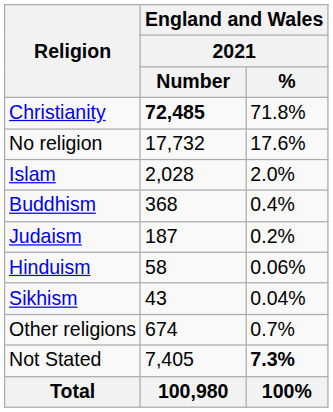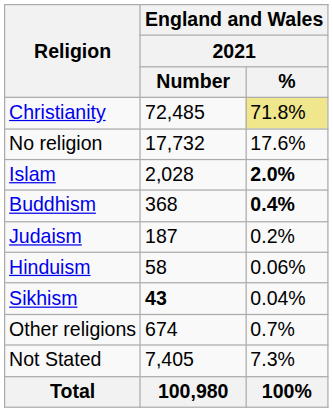 <table class="wikitable">
 <tr>
 <th rowspan="3">Religion</th>
 <th colspan="4">England and Wales</th>
 </tr>
 <tr>
 <th colspan="2">2021</th>
 </tr>
 <tr>
 <th>Number</th>
 <th>%</th>
 </tr>
 <tr>
 <td> <a href='#'>Christianity</a></td>
-<td><strong>72,485</strong></td>
-<td>71.8%</td>
+<td>72,485</td>
+<td style="background: khaki;">71.8%</td>
 </tr>
 <tr>
 <td>No religion</td>
 <td>17,732</td>
 <td>17.6%</td>
 </tr>
 <tr>
 <td> <a href='#'>Islam</a></td>
 <td>2,028</td>
-<td>2.0%</td>
+<td><strong>2.0%</strong></td>
 </tr>
 <tr>
 <td> <a href='#'>Buddhism</a></td>
 <td>368</td>
-<td>0.4%</td>
+<td><strong>0.4%</strong></td>
 </tr>
 <tr>
 <td> <a href='#'>Judaism</a></td>
 <td>187</td>
 <td>0.2%</td>
 </tr>
 <tr>
 <td> <a href='#'>Hinduism</a></td>
 <td>58</td>
 <td>0.06%</td>
 </tr>
 <tr>
 <td> <a href='#'>Sikhism</a></td>
-<td>43</td>
+<td><strong>43</strong></td>
 <td>0.04%</td>
 </tr>
 <tr>
 <td>Other religions</td>
 <td>674</td>
 <td>0.7%</td>
 </tr>
 <tr>
 <td>Not Stated</td>
 <td>7,405</td>
-<td><strong>7.3%</strong></td>
+<td>7.3%</td>
 </tr>
 <tr>
 <th>Total</th>
 <th>100,980</th>
 <th>100%</th>
 </tr>
 </table>
